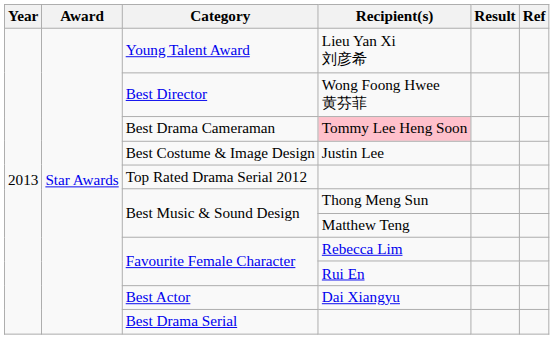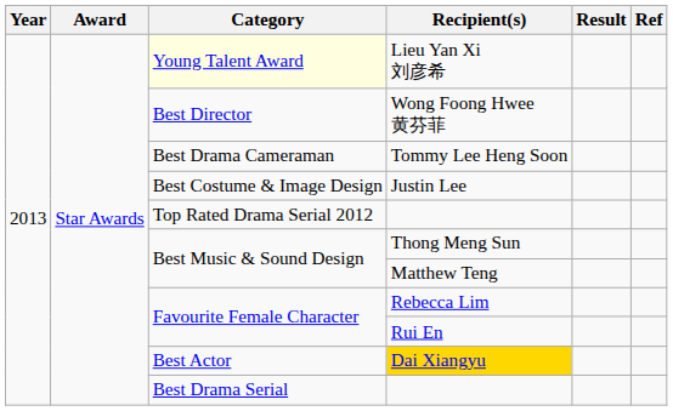 <table class="wikitable">
 <tr>
 <th>Year</th>
 <th>Award</th>
 <th>Category</th>
 <th>Recipient(s)</th>
 <th>Result</th>
 <th>Ref</th>
 </tr>
 <tr>
 <td rowspan=11>2013</td>
 <td rowspan=11><a href='#'>Star Awards</a></td>
-<td><a href='#'>Young Talent Award</a></td>
+<td style="background: lightyellow;"><a href='#'>Young Talent Award</a></td>
 <td>Lieu Yan Xi <br> 刘彦希</td>
 <td></td>
 <td></td>
 </tr>
 <tr>
 <td><a href='#'>Best Director</a></td>
 <td>Wong Foong Hwee <br> 黄芬菲</td>
 <td></td>
 <td></td>
 </tr>
 <tr>
 <td>Best Drama Cameraman</td>
-<td style="background: pink;">Tommy Lee Heng Soon</td>
+<td>Tommy Lee Heng Soon</td>
 <td></td>
 <td></td>
 </tr>
 <tr>
 <td>Best Costume & Image Design</td>
 <td>Justin Lee</td>
 <td></td>
 <td></td>
 </tr>
 <tr>
 <td>Top Rated Drama Serial 2012</td>
 <td></td>
 <td></td>
 <td></td>
 </tr>
 <tr>
 <td rowspan=2>Best Music & Sound Design</td>
 <td>Thong Meng Sun</td>
 <td></td>
 <td></td>
 </tr>
 <tr>
 <td>Matthew Teng</td>
 <td></td>
 <td></td>
 </tr>
 <tr>
 <td rowspan=2><a href='#'>Favourite Female Character</a></td>
 <td><a href='#'>Rebecca Lim</a></td>
 <td></td>
 <td></td>
 </tr>
 <tr>
 <td><a href='#'>Rui En</a></td>
 <td></td>
 <td></td>
 </tr>
 <tr>
 <td><a href='#'>Best Actor</a></td>
-<td><a href='#'>Dai Xiangyu</a></td>
+<td style="background: gold;"><a href='#'>Dai Xiangyu</a></td>
 <td></td>
 <td></td>
 </tr>
 <tr>
 <td><a href='#'>Best Drama Serial</a></td>
 <td></td>
 <td></td>
 <td></td>
 </tr>
 </table>
